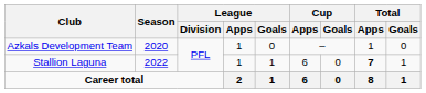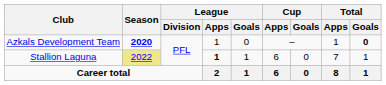 <table class="wikitable" style="text-align: center">
 <tr>
 <th rowspan="2">Club</th>
 <th rowspan="2">Season</th>
 <th colspan="3">League</th>
 <th colspan="2">Cup</th>
 <th colspan="2">Total</th>
 </tr>
 <tr>
 <th>Division</th>
 <th>Apps</th>
 <th>Goals</th>
 <th>Apps</th>
 <th>Goals</th>
 <th>Apps</th>
 <th>Goals</th>
 </tr>
 <tr>
 <td><a href='#'>Azkals Development Team</a></td>
-<td><a href='#'>2020</a></td>
+<td><strong><a href='#'>2020</a></strong></td>
 <td rowspan="2"><a href='#'>PFL</a></td>
 <td>1</td>
 <td>0</td>
 <td colspan="2">–</td>
 <td>1</td>
-<td>0</td>
+<td><strong>0</strong></td>
 </tr>
 <tr>
 <td><a href='#'>Stallion Laguna</a></td>
-<td><a href='#'>2022</a></td>
-<td>1</td>
+<td style="background: khaki;"><a href='#'>2022</a></td>
+<td><strong>1</strong></td>
 <td>1</td>
 <td>6</td>
 <td>0</td>
-<td><strong>7</strong></td>
+<td>7</td>
 <td>1</td>
 </tr>
 <tr>
 <td colspan="3"><strong>Career total</strong></td>
 <th>2</th>
 <th>1</th>
 <th>6</th>
 <th>0</th>
 <th>8</th>
 <th>1</th>
 </tr>
 </table>
